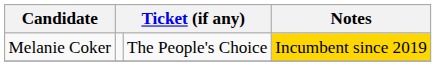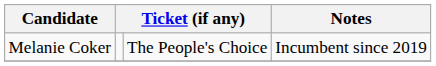 <table class="wikitable" style="font-size: 95%">
 <tr>
 <th>Candidate</th>
 <th colspan="2"><a href='#'>Ticket</a> (if any)</th>
 <th>Notes</th>
 </tr>
 <tr>
 <td>Melanie Coker</td>
 <td style="background-color:"></td>
 <td>The People's Choice</td>
-<td style="background: gold;">Incumbent since 2019</td>
+<td>Incumbent since 2019</td>
 </tr>
 <tr>
 </tr>
 </table>
